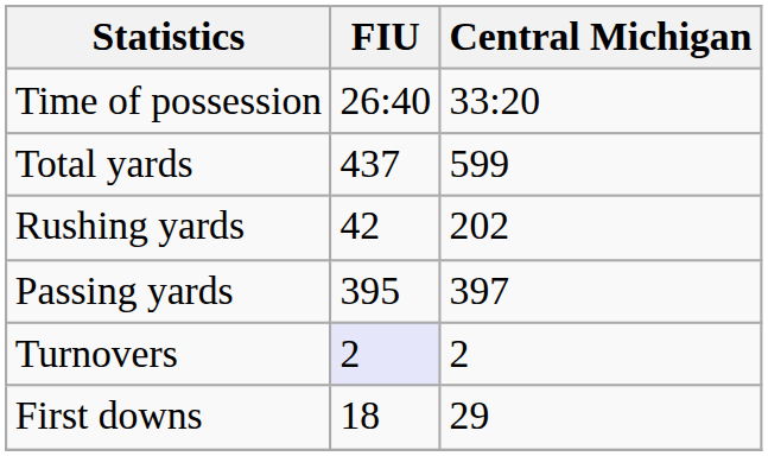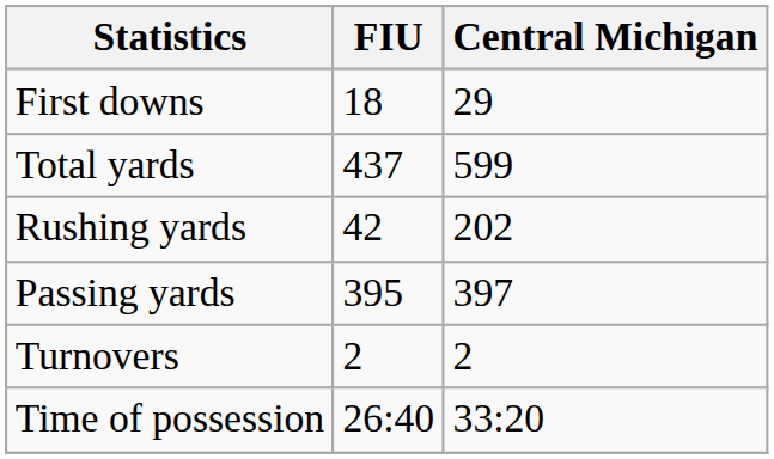 <table class="wikitable">
 <tr>
 <th>Statistics</th>
 <th>FIU</th>
 <th>Central Michigan</th>
 </tr>
 <tr>
-<td>Time of possession</td>
-<td>26:40</td>
-<td>33:20</td>
+<td>First downs</td>
+<td>18</td>
+<td>29</td>
 </tr>
 <tr>
 <td>Total yards</td>
 <td>437</td>
 <td>599</td>
 </tr>
 <tr>
 <td>Rushing yards</td>
 <td>42</td>
 <td>202</td>
 </tr>
 <tr>
 <td>Passing yards</td>
 <td>395</td>
 <td>397</td>
 </tr>
 <tr>
 <td>Turnovers</td>
-<td style="background: lavender;">2</td>
+<td>2</td>
 <td>2</td>
 </tr>
 <tr>
-<td>First downs</td>
-<td>18</td>
-<td>29</td>
+<td>Time of possession</td>
+<td>26:40</td>
+<td>33:20</td>
 </tr>
 <tr>
 </tr>
 </table>
